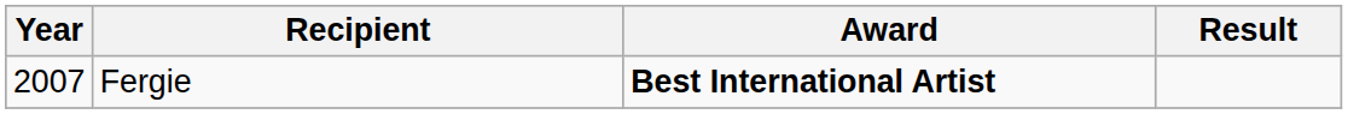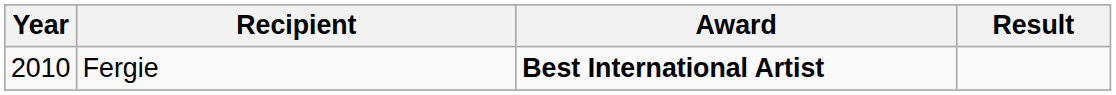 <table style="width: 75%;" class="wikitable">
 <tr>
 <th style="width:6%;">Year</th>
 <th style="width:40%;">Recipient</th>
 <th style="width:40%;">Award</th>
 <th style="width:14%;">Result</th>
 </tr>
 <tr>
-<td>2007</td>
+<td>2010</td>
 <td rowspan=2>Fergie</td>
 <td><strong>Best International Artist</strong></td>
 <td></td>
 </tr>
 </table>
